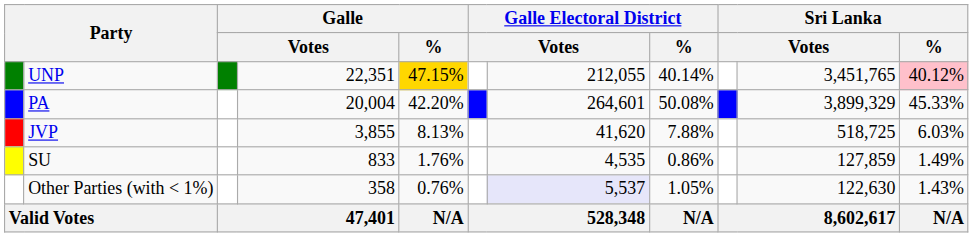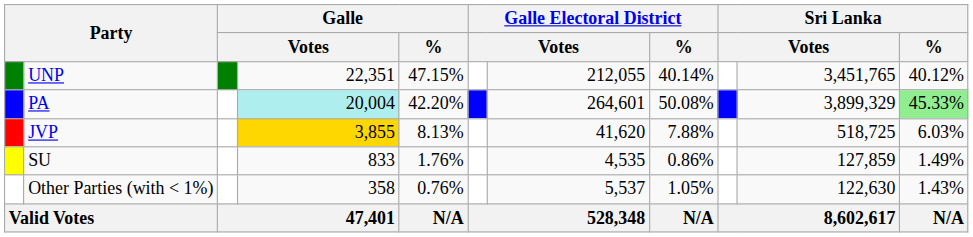 <table class="wikitable">
 <tr>
 <th colspan="2" width="144px"rowspan="2">Party</th>
 <th colspan="3" width="216px">Galle</th>
 <th colspan="3" width="216px"><a href='#'>Galle Electoral District</a></th>
 <th colspan="3" width="216px">Sri Lanka</th>
 </tr>
 <tr>
 <th colspan="2" width="144px">Votes</th>
 <th>%</th>
 <th colspan="2" width="144px">Votes</th>
 <th>%</th>
 <th colspan="2" width="144px">Votes</th>
 <th>%</th>
 </tr>
 <tr>
 <td style="background-color:green;" width="10px"></td>
 <td style="text-align:left;"><a href='#'>UNP</a></td>
 <td style="background-color:green;" width="10px"></td>
 <td style="text-align:right;">22,351</td>
-<td style="background: gold; text-align:right;">47.15%</td>
+<td style="text-align:right;">47.15%</td>
 <td style="background-color:white;" width="10px"></td>
 <td style="text-align:right;">212,055</td>
 <td style="text-align:right;">40.14%</td>
 <td style="background-color:white;" width="10px"></td>
 <td style="text-align:right;">3,451,765</td>
-<td style="background: pink; text-align:right;">40.12%</td>
+<td style="text-align:right;">40.12%</td>
 </tr>
 <tr>
 <td style="background-color:blue;" width="10px"></td>
 <td style="text-align:left;"><a href='#'>PA</a></td>
 <td style="background-color:white;" width="10px"></td>
-<td style="text-align:right;">20,004</td>
+<td style="background: paleturquoise; text-align:right;">20,004</td>
 <td style="text-align:right;">42.20%</td>
 <td style="background-color:blue;" width="10px"></td>
 <td style="text-align:right;">264,601</td>
 <td style="text-align:right;">50.08%</td>
 <td style="background-color:blue;" width="10px"></td>
 <td style="text-align:right;">3,899,329</td>
-<td style="text-align:right;">45.33%</td>
+<td style="background: lightgreen; text-align:right;">45.33%</td>
 </tr>
 <tr>
 <td style="background-color:red;" width="10px"></td>
 <td style="text-align:left;"><a href='#'>JVP</a></td>
 <td style="background-color:white;" width="10px"></td>
-<td style="text-align:right;">3,855</td>
+<td style="background: gold; text-align:right;">3,855</td>
 <td style="text-align:right;">8.13%</td>
 <td style="background-color:white;" width="10px"></td>
 <td style="text-align:right;">41,620</td>
 <td style="text-align:right;">7.88%</td>
 <td style="background-color:white;" width="10px"></td>
 <td style="text-align:right;">518,725</td>
 <td style="text-align:right;">6.03%</td>
 </tr>
 <tr>
 <td style="background-color:yellow;" width="10px"></td>
 <td style="text-align:left;">SU</td>
 <td style="background-color:white;" width="10px"></td>
 <td style="text-align:right;">833</td>
 <td style="text-align:right;">1.76%</td>
 <td style="background-color:white;" width="10px"></td>
 <td style="text-align:right;">4,535</td>
 <td style="text-align:right;">0.86%</td>
 <td style="background-color:white;" width="10px"></td>
 <td style="text-align:right;">127,859</td>
 <td style="text-align:right;">1.49%</td>
 </tr>
 <tr>
 <td style="background-color:white;" width="10px"></td>
 <td style="text-align:left;">Other Parties (with < 1%)</td>
 <td style="background-color:white;" width="10px"></td>
 <td style="text-align:right;">358</td>
 <td style="text-align:right;">0.76%</td>
 <td style="background-color:white;" width="10px"></td>
-<td style="background: lavender; text-align:right;">5,537</td>
+<td style="text-align:right;">5,537</td>
 <td style="text-align:right;">1.05%</td>
 <td style="background-color:white;" width="10px"></td>
 <td style="text-align:right;">122,630</td>
 <td style="text-align:right;">1.43%</td>
 </tr>
 <tr>
 <th colspan="2" width="144px"style="text-align:left;">Valid Votes</th>
 <th style="text-align:right;"colspan="2" width="144px">47,401</th>
 <th style="text-align:right;">N/A</th>
 <th style="text-align:right;"colspan="2" width="144px">528,348</th>
 <th style="text-align:right;">N/A</th>
 <th style="text-align:right;"colspan="2" width="144px">8,602,617</th>
 <th style="text-align:right;">N/A</th>
 </tr>
 </table>
